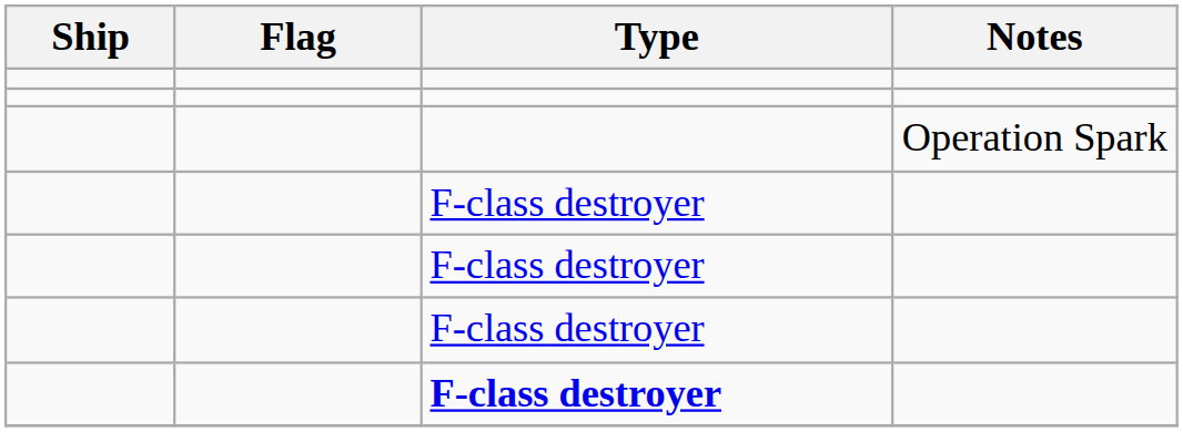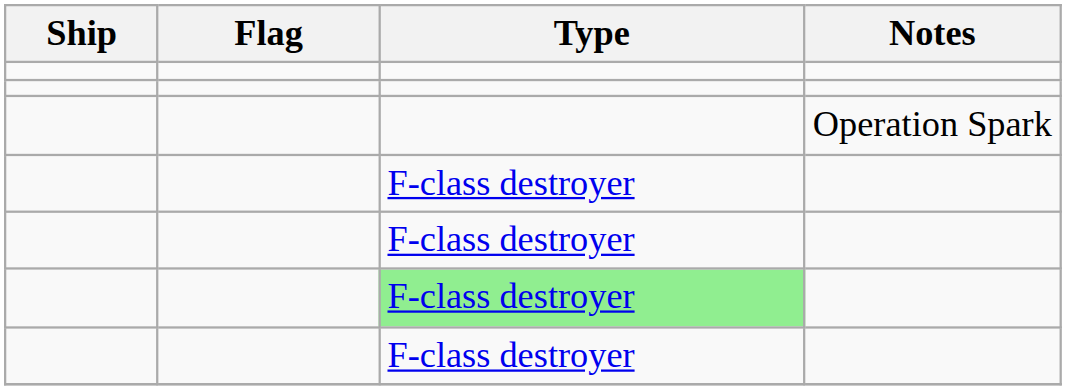 <table class="wikitable sortable">
 <tr>
 <th scope="col" width="60px">Ship</th>
 <th scope="col" width="90px">Flag</th>
 <th scope="col" width="180px">Type</th>
 <th>Notes</th>
 </tr>
 <tr>
 <td align="left"></td>
 <td align="left"></td>
 <td align="left"></td>
 <td align="left"></td>
 </tr>
 <tr>
 <td align="left"></td>
 <td align="left"></td>
 <td align="left"></td>
 <td align="left"></td>
 </tr>
 <tr>
 <td align="left"></td>
 <td align="left"></td>
 <td align="left"></td>
 <td align="left">Operation Spark</td>
 </tr>
 <tr>
 <td align="left"></td>
 <td align="left"></td>
 <td align="left"><a href='#'>F-class destroyer</a></td>
 <td align="left"></td>
 </tr>
 <tr>
 <td align="left"></td>
 <td align="left"></td>
 <td align="left"><a href='#'>F-class destroyer</a></td>
 <td align="left"></td>
 </tr>
 <tr>
 <td align="left"></td>
 <td align="left"></td>
-<td align="left"><a href='#'>F-class destroyer</a></td>
+<td align="left" style="background: lightgreen;"><a href='#'>F-class destroyer</a></td>
 <td align="left"></td>
 </tr>
 <tr>
 <td align="left"></td>
 <td align="left"></td>
-<td align="left"><strong><a href='#'>F-class destroyer</a></strong></td>
+<td align="left"><a href='#'>F-class destroyer</a></td>
 <td align="left"></td>
 </tr>
 <tr>
 </tr>
 </table>
